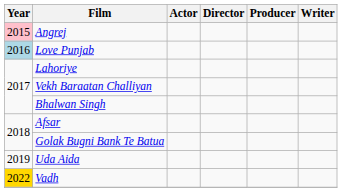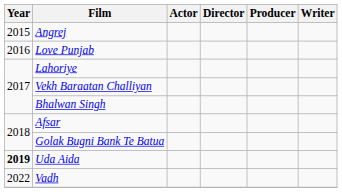 <table class="wikitable">
 <tr>
 <th scope="col">Year</th>
 <th scope="col">Film</th>
 <th scope="col">Actor</th>
 <th scope="col">Director</th>
 <th>Producer</th>
 <th>Writer</th>
 </tr>
 <tr>
-<td style="background: pink;">2015</td>
+<td>2015</td>
 <td><em><a href='#'>Angrej</a></em></td>
 <td></td>
 <td></td>
 <td></td>
 <td></td>
 </tr>
 <tr>
-<td style="background: lightblue;">2016</td>
+<td>2016</td>
 <td><em><a href='#'>Love Punjab</a></em></td>
 <td></td>
 <td></td>
 <td></td>
 <td></td>
 </tr>
 <tr>
 <td rowspan="3">2017</td>
 <td><em><a href='#'>Lahoriye</a></em></td>
 <td></td>
 <td></td>
 <td></td>
 <td></td>
 </tr>
 <tr>
 <td><em><a href='#'>Vekh Baraatan Challiyan</a></em></td>
 <td></td>
 <td></td>
 <td></td>
 <td></td>
 </tr>
 <tr>
 <td><em><a href='#'>Bhalwan Singh</a></em></td>
 <td></td>
 <td></td>
 <td></td>
 <td></td>
 </tr>
 <tr>
 <td rowspan="2">2018</td>
 <td><em><a href='#'>Afsar</a></em></td>
 <td></td>
 <td></td>
 <td></td>
 <td></td>
 </tr>
 <tr>
 <td><em><a href='#'>Golak Bugni Bank Te Batua</a></em></td>
 <td></td>
 <td></td>
 <td></td>
 <td></td>
 </tr>
 <tr>
-<td>2019</td>
+<td><strong>2019</strong></td>
 <td><em><a href='#'>Uda Aida</a></em></td>
 <td></td>
 <td></td>
 <td></td>
 <td></td>
 </tr>
 <tr>
-<td style="background: gold;">2022</td>
+<td>2022</td>
 <td><em><a href='#'>Vadh</a></em></td>
 <td></td>
 <td></td>
 <td></td>
 <td></td>
 </tr>
 <tr>
 </tr>
 </table>
